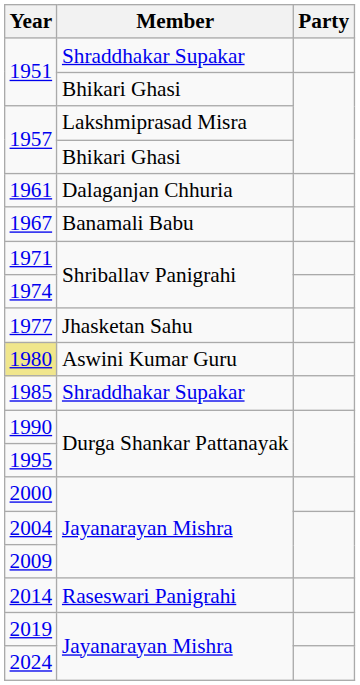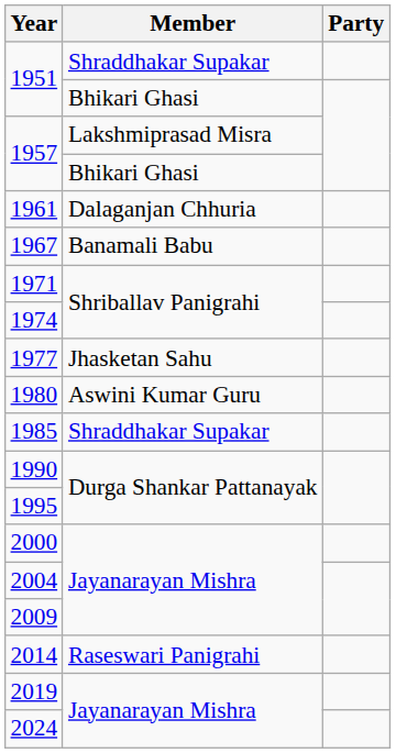 <table class="wikitable">
 <tr>
 <th>Year</th>
 <th>Member</th>
 <th colspan="2">Party</th>
 </tr>
 <tr>
 <td rowspan="2"><a href='#'>1951</a></td>
 <td><a href='#'>Shraddhakar Supakar</a></td>
 <td></td>
 </tr>
 <tr>
 <td>Bhikari Ghasi</td>
 </tr>
 <tr>
 <td rowspan="2"><a href='#'>1957</a></td>
 <td>Lakshmiprasad Misra</td>
 </tr>
 <tr>
 <td>Bhikari Ghasi</td>
 </tr>
 <tr>
 <td><a href='#'>1961</a></td>
 <td>Dalaganjan Chhuria</td>
 <td></td>
 </tr>
 <tr>
 <td><a href='#'>1967</a></td>
 <td>Banamali Babu</td>
 </tr>
 <tr>
 <td><a href='#'>1971</a></td>
 <td rowspan="2">Shriballav Panigrahi</td>
 <td></td>
 </tr>
 <tr>
 <td><a href='#'>1974</a></td>
 <td></td>
 </tr>
 <tr>
 <td><a href='#'>1977</a></td>
 <td>Jhasketan Sahu</td>
 <td></td>
 </tr>
 <tr>
-<td style="background: khaki;"><a href='#'>1980</a></td>
+<td><a href='#'>1980</a></td>
 <td>Aswini Kumar Guru</td>
 <td></td>
 </tr>
 <tr>
 <td><a href='#'>1985</a></td>
 <td><a href='#'>Shraddhakar Supakar</a></td>
 <td></td>
 </tr>
 <tr>
 <td><a href='#'>1990</a></td>
 <td rowspan="2">Durga Shankar Pattanayak</td>
 </tr>
 <tr>
 <td><a href='#'>1995</a></td>
 </tr>
 <tr>
 <td><a href='#'>2000</a></td>
 <td rowspan="3"><a href='#'>Jayanarayan Mishra</a></td>
 <td></td>
 </tr>
 <tr>
 <td><a href='#'>2004</a></td>
 </tr>
 <tr>
 <td><a href='#'>2009</a></td>
 </tr>
 <tr>
 <td><a href='#'>2014</a></td>
 <td><a href='#'>Raseswari Panigrahi</a></td>
 <td></td>
 </tr>
 <tr>
 <td><a href='#'>2019</a></td>
 <td rowspan="2"><a href='#'>Jayanarayan Mishra</a></td>
 <td></td>
 </tr>
 <tr>
 <td><a href='#'>2024</a></td>
 </tr>
 </table>
